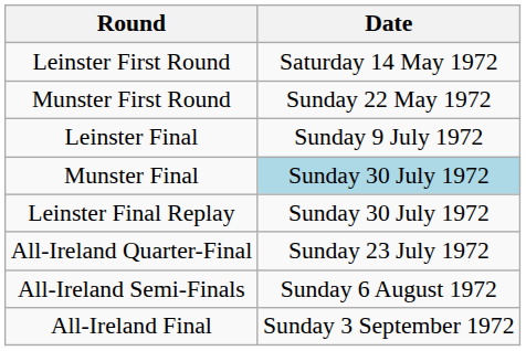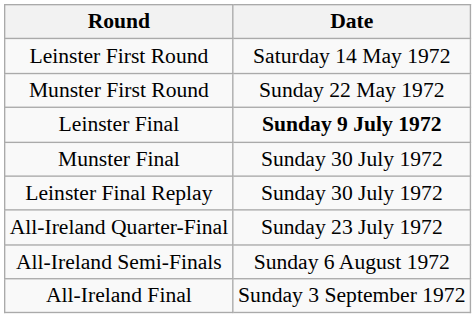 <table class="wikitable" style="text-align: center">
 <tr>
 <th>Round</th>
 <th>Date</th>
 </tr>
 <tr>
 <td>Leinster First Round</td>
 <td>Saturday 14 May 1972</td>
 </tr>
 <tr>
 <td>Munster First Round</td>
 <td>Sunday 22 May 1972</td>
 </tr>
 <tr>
 <td>Leinster Final</td>
-<td>Sunday 9 July 1972</td>
+<td><strong>Sunday 9 July 1972</strong></td>
 </tr>
 <tr>
 <td>Munster Final</td>
-<td style="background: lightblue;">Sunday 30 July 1972</td>
+<td>Sunday 30 July 1972</td>
 </tr>
 <tr>
 <td>Leinster Final Replay</td>
 <td>Sunday 30 July 1972</td>
 </tr>
 <tr>
 <td>All-Ireland Quarter-Final</td>
 <td>Sunday 23 July 1972</td>
 </tr>
 <tr>
 <td>All-Ireland Semi-Finals</td>
 <td>Sunday 6 August 1972</td>
 </tr>
 <tr>
 <td>All-Ireland Final</td>
 <td>Sunday 3 September 1972</td>
 </tr>
 </table>
